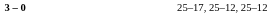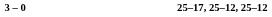 <table width=100% cellspacing=1>
 <tr>
 <th width=20%></th>
 <th width=12%></th>
 <th width=20%></th>
 <th width=33%></th>
 <td></td>
 </tr>
 <tr style=font-size:95%>
 <td align=right><strong></strong></td>
 <td align=center><strong>3 – 0</strong></td>
 <td></td>
-<td>25–17, 25–12, 25–12</td>
+<td><strong>25–17, 25–12, 25–12</strong></td>
 </tr>
 </table>
